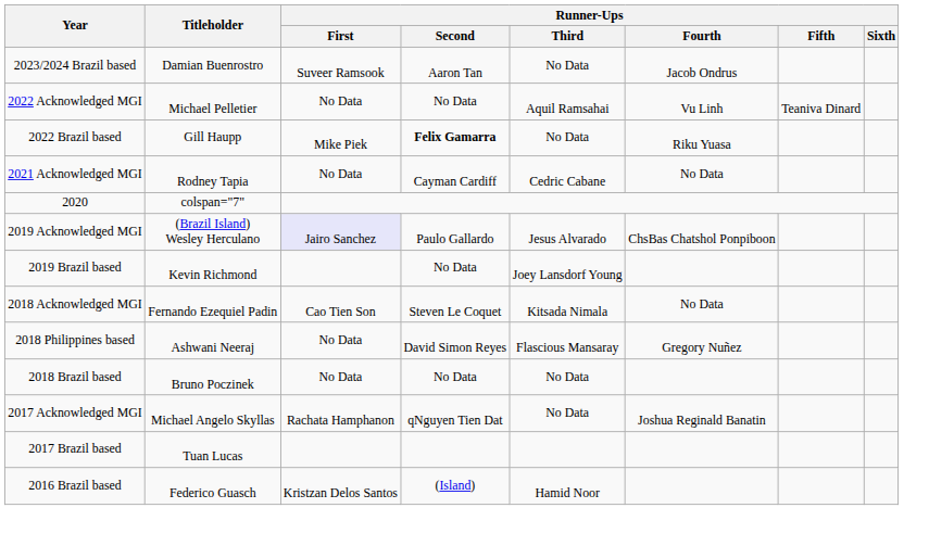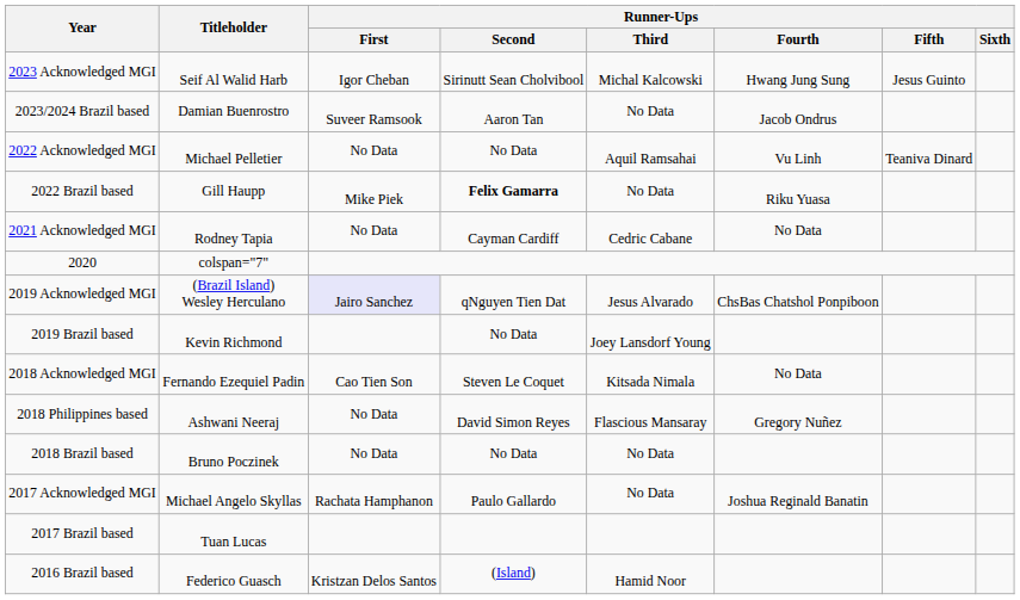 <table class="wikitable sortable" style="font-size:85%; text-align:center">
 <tr>
 <th rowspan=2>Year</th>
 <th rowspan=2>Titleholder</th>
 <th colspan=6>Runner-Ups</th>
 </tr>
 <tr>
 <th>First</th>
 <th>Second</th>
 <th>Third</th>
 <th>Fourth</th>
 <th>Fifth</th>
 <th>Sixth</th>
+</tr>
+<tr>
+<td><a href='#'>2023</a> Acknowledged MGI</td>
+<td><br>Seif Al Walid Harb</td>
+<td><br>Igor Cheban</td>
+<td><br>Sirinutt Sean Cholvibool</td>
+<td><br>Michal Kalcowski</td>
+<td><br>Hwang Jung Sung</td>
+<td><br>Jesus Guinto</td>
+<td></td>
 </tr>
 <tr>
 <td>2023/2024 Brazil based</td>
 <td> Damian Buenrostro</td>
 <td><br>Suveer Ramsook</td>
 <td><br>Aaron Tan</td>
 <td>No Data</td>
 <td><br>Jacob Ondrus</td>
 <td></td>
 <td></td>
 </tr>
 <tr>
 <td><a href='#'>2022</a> Acknowledged MGI</td>
 <td><br>Michael Pelletier</td>
 <td>No Data</td>
 <td>No Data</td>
 <td><br>Aquil Ramsahai</td>
 <td><br>Vu Linh</td>
 <td><br>Teaniva Dinard</td>
 <td></td>
 </tr>
 <tr>
 <td>2022 Brazil based</td>
 <td> Gill Haupp</td>
 <td><br>Mike Piek</td>
 <td><strong> Felix Gamarra</strong></td>
 <td>No Data</td>
 <td><br>Riku Yuasa</td>
 <td></td>
 <td></td>
 </tr>
 <tr>
 <td><a href='#'>2021</a> Acknowledged MGI</td>
 <td><br>Rodney Tapia</td>
 <td>No Data</td>
 <td><br>Cayman Cardiff</td>
 <td><br>Cedric Cabane</td>
 <td>No Data</td>
 <td></td>
 <td></td>
 </tr>
 <tr>
 <td>2020</td>
 <td>colspan="7" </td>
 </tr>
 <tr>
 <td>2019 Acknowledged MGI</td>
 <td> (<a href='#'>Brazil Island</a>)<br>Wesley Herculano</td>
 <td style="background: lavender;"><br>Jairo Sanchez</td>
-<td><br>Paulo Gallardo</td>
+<td><br>qNguyen Tien Dat</td>
 <td><br>Jesus Alvarado</td>
 <td><br>ChsBas Chatshol Ponpiboon</td>
 <td></td>
 <td></td>
 </tr>
 <tr>
 <td>2019 Brazil based</td>
 <td><br>Kevin Richmond</td>
 <td><br></td>
 <td>No Data</td>
 <td><br>Joey Lansdorf Young</td>
 <td><br></td>
 <td><br></td>
 <td></td>
 </tr>
 <tr>
 <td>2018 Acknowledged MGI</td>
 <td><br>Fernando Ezequiel Padin</td>
 <td><br>Cao Tien Son</td>
 <td><br>Steven Le Coquet</td>
 <td><br>Kitsada Nimala</td>
 <td>No Data</td>
 <td></td>
 <td></td>
 </tr>
 <tr>
 <td>2018 Philippines based</td>
 <td><br>Ashwani Neeraj</td>
 <td>No Data</td>
 <td><br>David Simon Reyes</td>
 <td><br>Flascious Mansaray</td>
 <td><br>Gregory Nuñez</td>
 <td></td>
 <td></td>
 </tr>
 <tr>
 <td>2018 Brazil based</td>
 <td><br>Bruno Poczinek</td>
 <td>No Data</td>
 <td>No Data</td>
 <td>No Data</td>
 <td></td>
 <td></td>
 <td></td>
 </tr>
 <tr>
 <td>2017 Acknowledged MGI</td>
 <td><br>Michael Angelo Skyllas</td>
 <td><br>Rachata Hamphanon</td>
-<td><br>qNguyen Tien Dat</td>
+<td><br>Paulo Gallardo</td>
 <td>No Data</td>
 <td><br>Joshua Reginald Banatin</td>
 <td></td>
 <td></td>
 </tr>
 <tr>
 <td>2017 Brazil based</td>
 <td><br>Tuan Lucas</td>
 <td><br></td>
 <td><br></td>
 <td><br></td>
 <td><br></td>
 <td><br></td>
 <td><br></td>
 </tr>
 <tr>
 <td>2016 Brazil based</td>
 <td><br>Federico Guasch</td>
 <td><br>Kristzan Delos Santos</td>
 <td> (<a href='#'>Island</a>)<br></td>
 <td><br>Hamid Noor</td>
 <td></td>
 <td></td>
 <td></td>
 </tr>
 </table>
